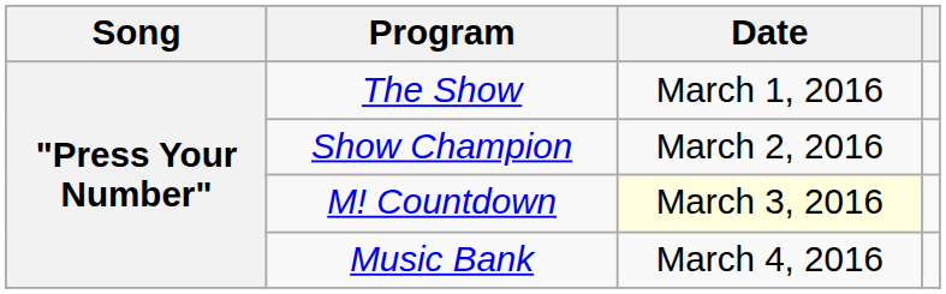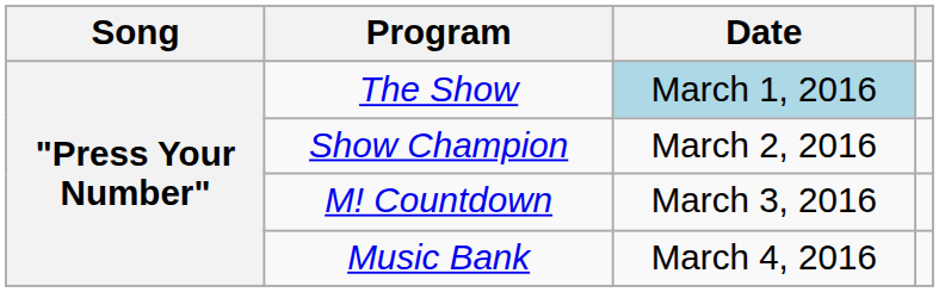 <table class="wikitable plainrowheaders" style="text-align:center;">
 <tr>
 <th scope="col" style="width:110px;">Song</th>
 <th scope="col" style="width:150px;">Program</th>
 <th scope="col" style="width:130px;">Date</th>
 <th scope="col"></th>
 </tr>
 <tr>
 <th scope="row" rowspan="4">"Press Your Number"</th>
 <td><em><a href='#'>The Show</a></em></td>
-<td>March 1, 2016</td>
+<td style="background: lightblue;">March 1, 2016</td>
 <td></td>
 </tr>
 <tr>
 <td><em><a href='#'>Show Champion</a></em></td>
 <td>March 2, 2016</td>
 <td></td>
 </tr>
 <tr>
 <td><em><a href='#'>M! Countdown</a></em></td>
-<td style="background: lightyellow;">March 3, 2016</td>
+<td>March 3, 2016</td>
 <td></td>
 </tr>
 <tr>
 <td><em><a href='#'>Music Bank</a></em></td>
 <td>March 4, 2016</td>
 <td></td>
 </tr>
 </table>
